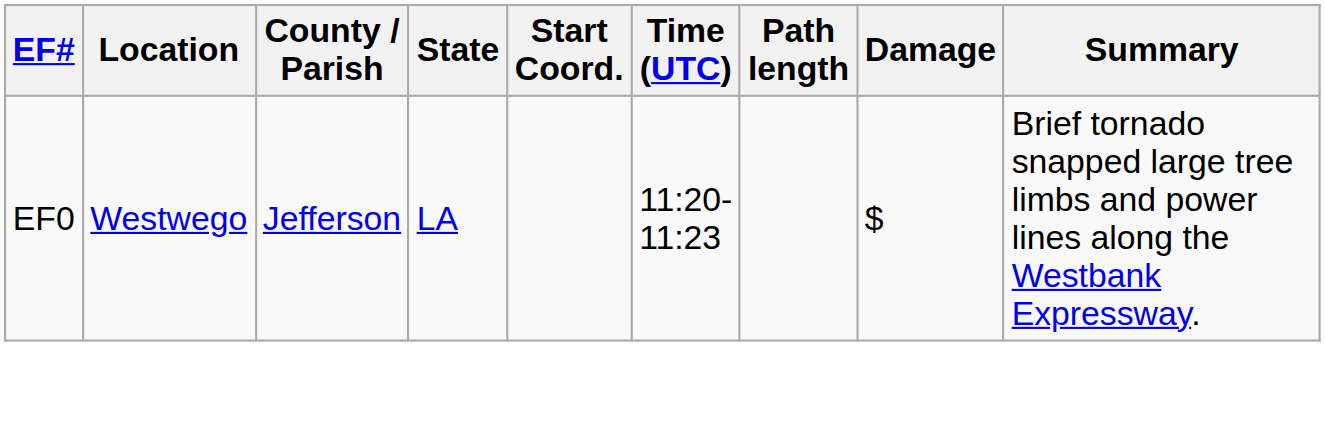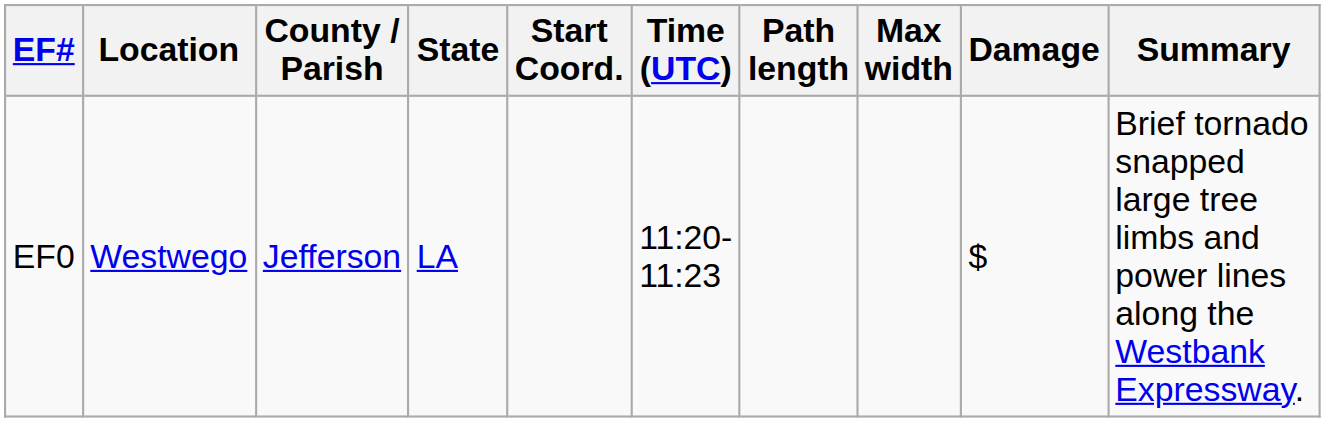 <table class="wikitable sortable" style="width:100%;">
 <tr>
 <th scope="col"  style="width:3%; text-align:center;"><a href='#'>EF#</a></th>
 <th scope="col"  style="width:7%; text-align:center;" class="unsortable">Location</th>
 <th scope="col"  style="width:6%; text-align:center;" class="unsortable">County / Parish</th>
 <th scope="col"  style="width:5%; text-align:center;">State</th>
 <th scope="col"  style="width:6%; text-align:center;">Start Coord.</th>
 <th scope="col"  style="width:6%; text-align:center;">Time (<a href='#'>UTC</a>)</th>
 <th scope="col"  style="width:6%; text-align:center;">Path length</th>
+<th scope="col"  style="width:6%; text-align:center;">Max width</th>
 <th scope="col"  style="width:6%; text-align:center;">Damage</th>
 <th scope="col" class="unsortable" style="width:48%; text-align:center;">Summary</th>
 </tr>
 <tr>
 <td>EF0</td>
 <td><a href='#'>Westwego</a></td>
 <td><a href='#'>Jefferson</a></td>
 <td><a href='#'>LA</a></td>
 <td></td>
 <td>11:20-11:23</td>
 <td></td>
+<td></td>
 <td>$</td>
 <td>Brief tornado snapped large tree limbs and power lines along the <a href='#'>Westbank Expressway</a>.</td>
 </tr>
 </table>
